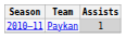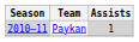 <table class="wikitable" style="text-align: center;">
 <tr>
 <th>Season</th>
 <th>Team</th>
 <th>Assists</th>
 </tr>
 <tr>
-<td><a href='#'>2010–11</a></td>
+<td style="background: lightgrey;"><a href='#'>2010–11</a></td>
 <td align="left"><a href='#'>Paykan</a></td>
 <td style="background: lightgrey;">1</td>
 </tr>
 <tr>
 </tr>
 </table>
